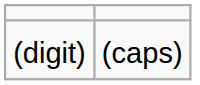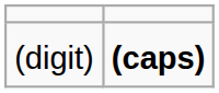 <table class="wikitable" style="line-height: 1.2">
 <tr align=center>
 <td></td>
 <td></td>
 </tr>
 <tr align=center>
 <td><small>(digit)</small></td>
-<td><small>(caps)</small></td>
+<td><strong><small>(caps)</small></strong></td>
 </tr>
 </table>
